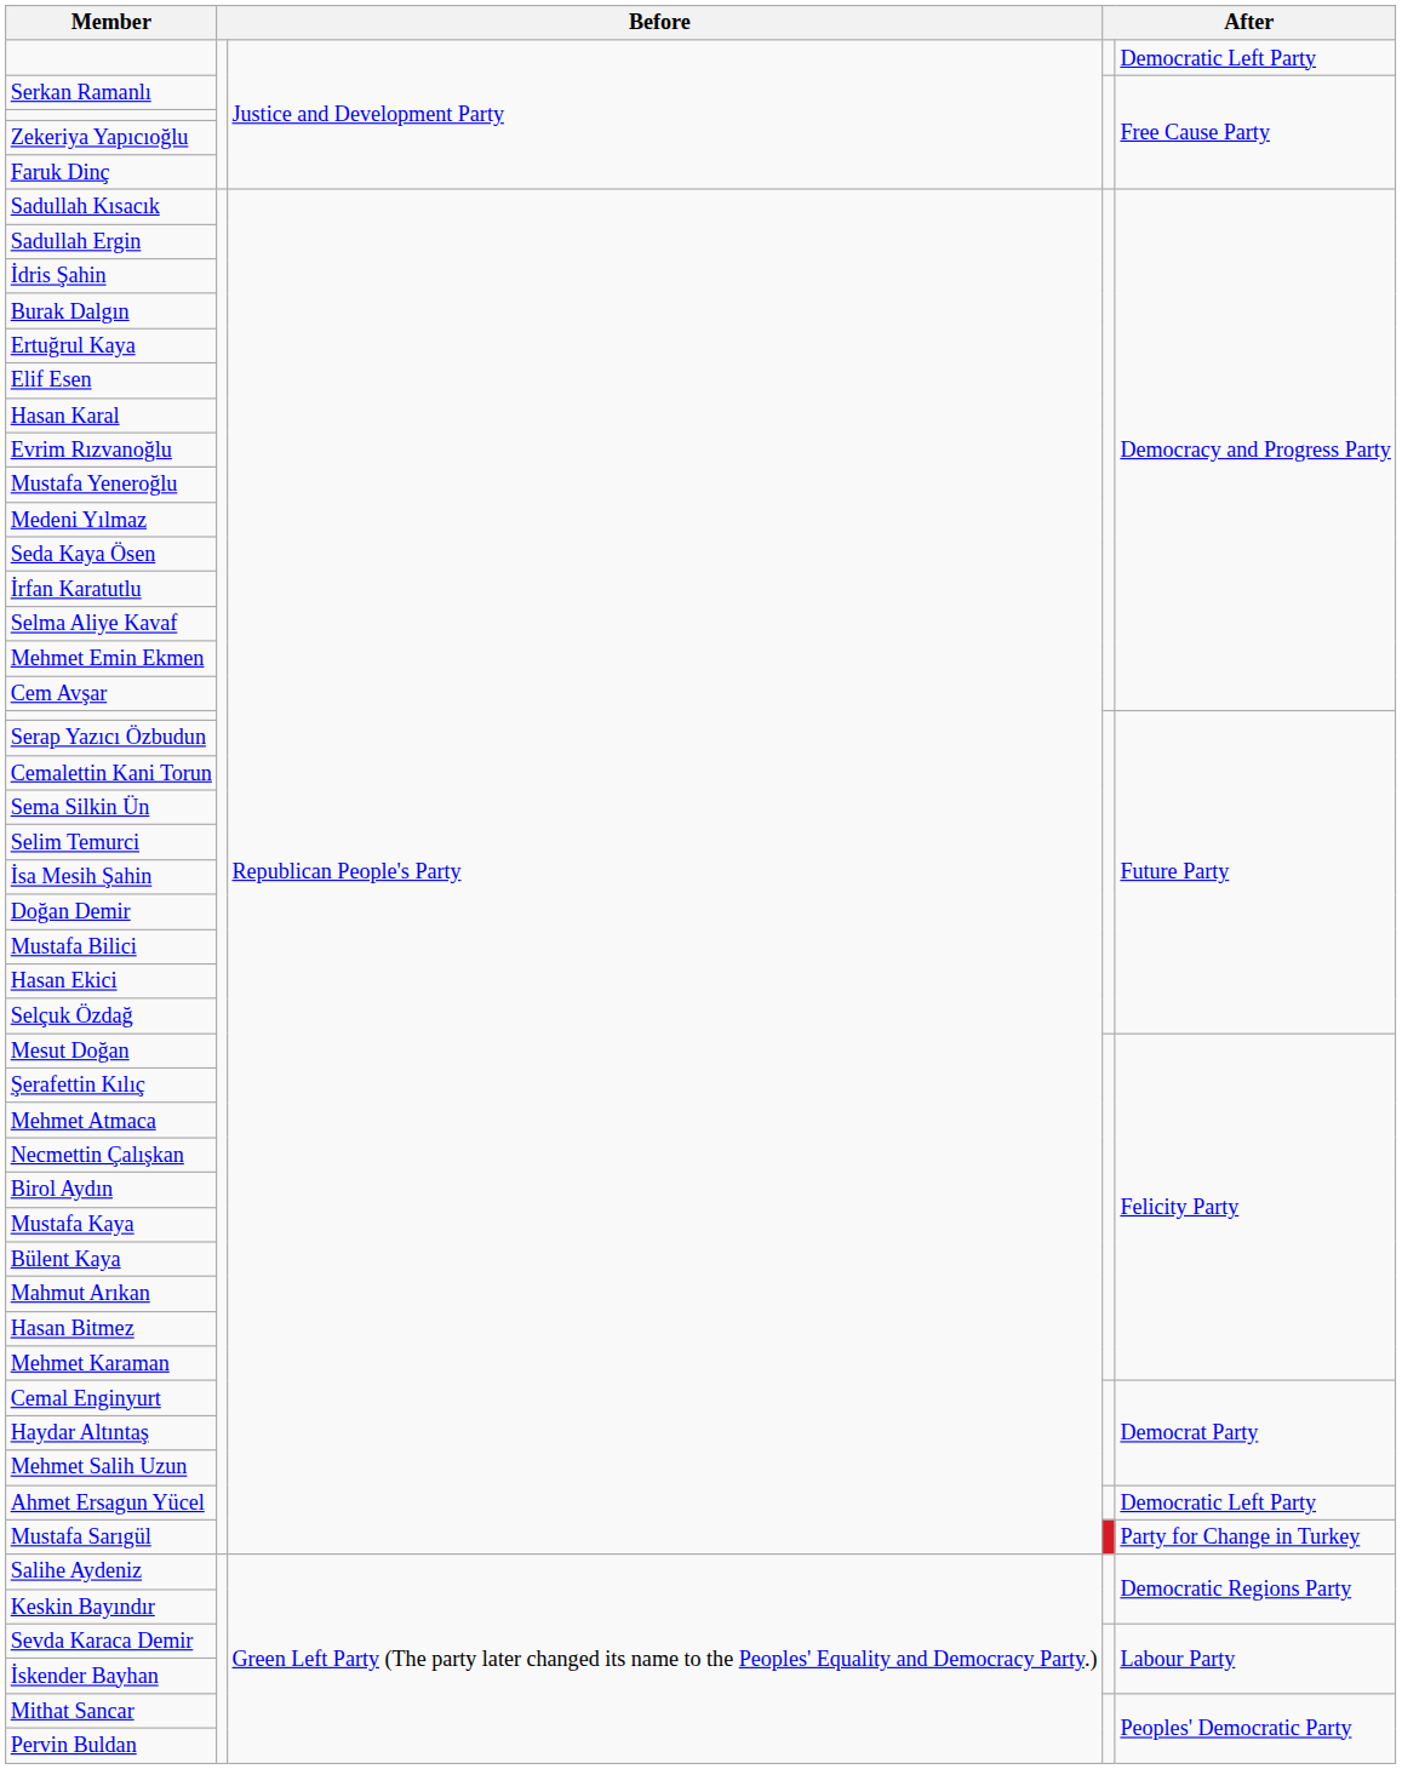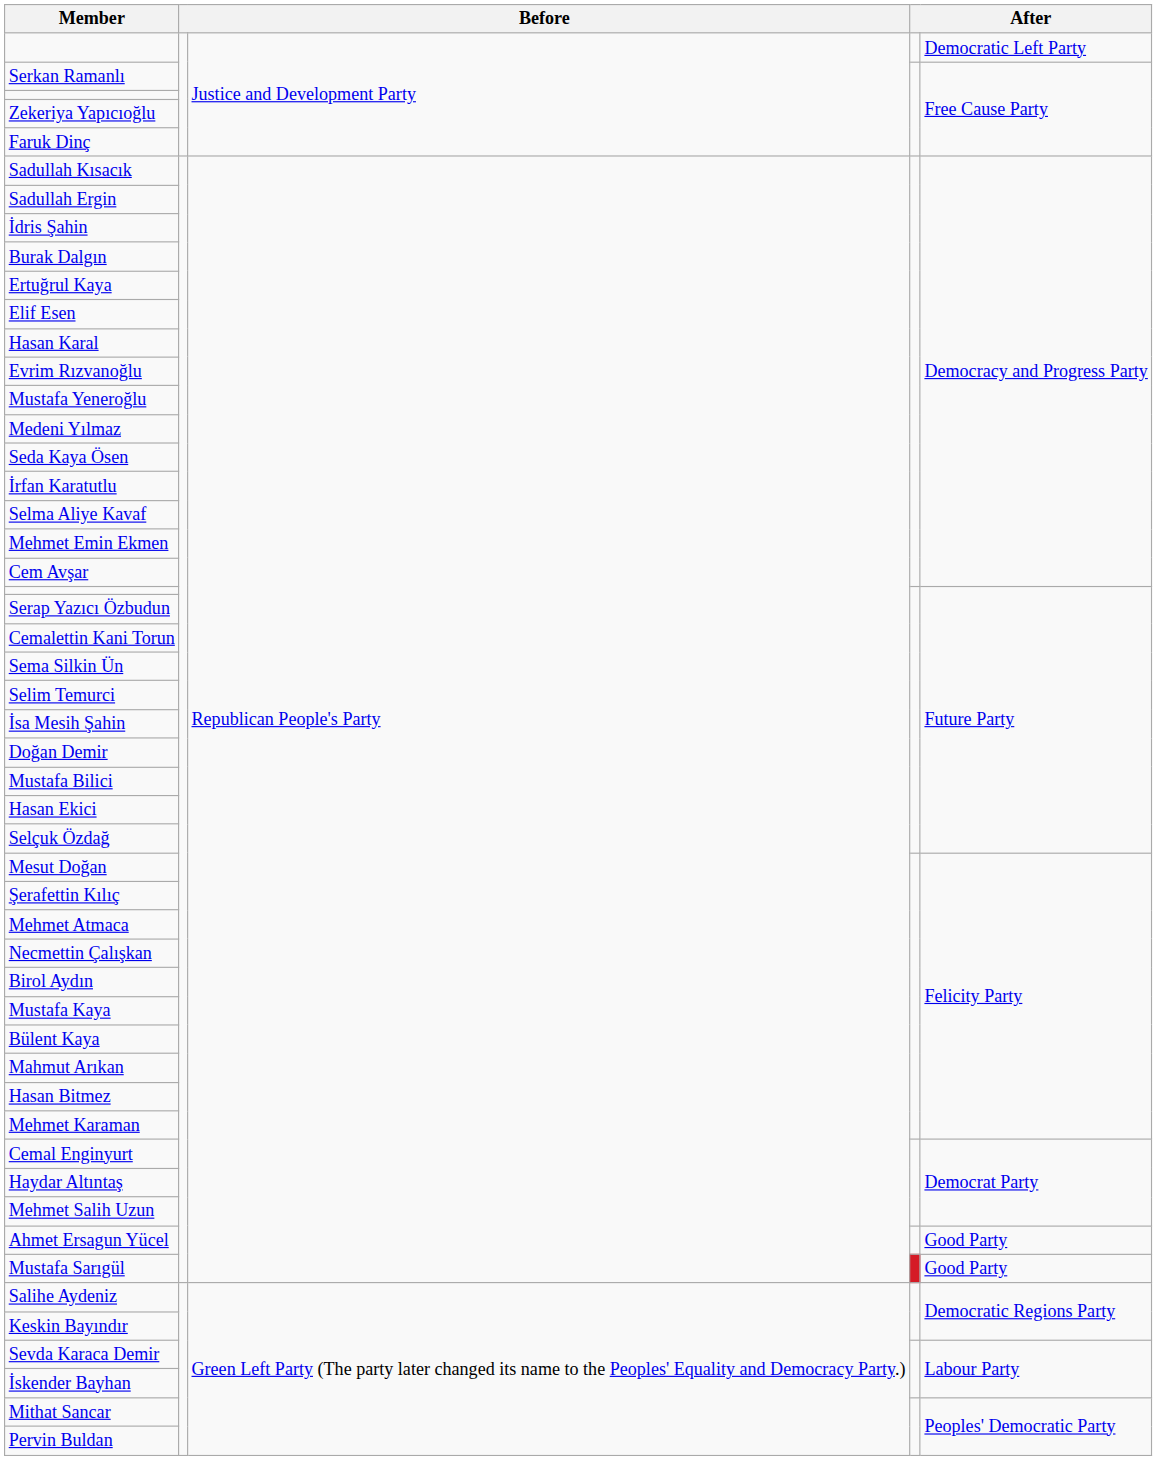 <table class="wikitable sortable">
 <tr>
 <th>Member</th>
 <th colspan="2">Before</th>
 <th colspan="2">After</th>
 </tr>
 <tr>
 <td></td>
 <td rowspan="5" style="background:"></td>
 <td rowspan="5"><a href='#'>Justice and Development Party</a></td>
 <td style="background:"></td>
 <td><a href='#'>Democratic Left Party</a></td>
 </tr>
 <tr>
 <td><a href='#'>Serkan Ramanlı</a></td>
 <td rowspan="4" style="background:"></td>
 <td rowspan="4"><a href='#'>Free Cause Party</a></td>
 </tr>
 <tr>
 <td></td>
 </tr>
 <tr>
 <td><a href='#'>Zekeriya Yapıcıoğlu</a></td>
 </tr>
 <tr>
 <td><a href='#'>Faruk Dinç</a></td>
 </tr>
 <tr>
 <td><a href='#'>Sadullah Kısacık</a></td>
 <td rowspan="40" style="background:"></td>
 <td rowspan="40"><a href='#'>Republican People's Party</a></td>
 <td rowspan="15" style="background:"></td>
 <td rowspan="15"><a href='#'>Democracy and Progress Party</a></td>
 </tr>
 <tr>
 <td><a href='#'>Sadullah Ergin</a></td>
 </tr>
 <tr>
 <td><a href='#'>İdris Şahin</a></td>
 </tr>
 <tr>
 <td><a href='#'>Burak Dalgın</a></td>
 </tr>
 <tr>
 <td><a href='#'>Ertuğrul Kaya</a></td>
 </tr>
 <tr>
 <td><a href='#'>Elif Esen</a></td>
 </tr>
 <tr>
 <td><a href='#'>Hasan Karal</a></td>
 </tr>
 <tr>
 <td><a href='#'>Evrim Rızvanoğlu</a></td>
 </tr>
 <tr>
 <td><a href='#'>Mustafa Yeneroğlu</a></td>
 </tr>
 <tr>
 <td><a href='#'>Medeni Yılmaz</a></td>
 </tr>
 <tr>
 <td><a href='#'>Seda Kaya Ösen</a></td>
 </tr>
 <tr>
 <td><a href='#'>İrfan Karatutlu</a></td>
 </tr>
 <tr>
 <td><a href='#'>Selma Aliye Kavaf</a></td>
 </tr>
 <tr>
 <td><a href='#'>Mehmet Emin Ekmen</a></td>
 </tr>
 <tr>
 <td><a href='#'>Cem Avşar</a></td>
 </tr>
 <tr>
 <td></td>
 <td rowspan="10" style="background:"></td>
 <td rowspan="10"><a href='#'>Future Party</a></td>
 </tr>
 <tr>
 <td><a href='#'>Serap Yazıcı Özbudun</a></td>
 </tr>
 <tr>
 <td><a href='#'>Cemalettin Kani Torun</a></td>
 </tr>
 <tr>
 <td><a href='#'>Sema Silkin Ün</a></td>
 </tr>
 <tr>
 <td><a href='#'>Selim Temurci</a></td>
 </tr>
 <tr>
 <td><a href='#'>İsa Mesih Şahin</a></td>
 </tr>
 <tr>
 <td><a href='#'>Doğan Demir</a></td>
 </tr>
 <tr>
 <td><a href='#'>Mustafa Bilici</a></td>
 </tr>
 <tr>
 <td><a href='#'>Hasan Ekici</a></td>
 </tr>
 <tr>
 <td><a href='#'>Selçuk Özdağ</a></td>
 </tr>
 <tr>
 <td><a href='#'>Mesut Doğan</a></td>
 <td rowspan="10" style="background:"></td>
 <td rowspan="10"><a href='#'>Felicity Party</a></td>
 </tr>
 <tr>
 <td><a href='#'>Şerafettin Kılıç</a></td>
 </tr>
 <tr>
 <td><a href='#'>Mehmet Atmaca</a></td>
 </tr>
 <tr>
 <td><a href='#'>Necmettin Çalışkan</a></td>
 </tr>
 <tr>
 <td><a href='#'>Birol Aydın</a></td>
 </tr>
 <tr>
 <td><a href='#'>Mustafa Kaya</a></td>
 </tr>
 <tr>
 <td><a href='#'>Bülent Kaya</a></td>
 </tr>
 <tr>
 <td><a href='#'>Mahmut Arıkan</a></td>
 </tr>
 <tr>
 <td><a href='#'>Hasan Bitmez</a></td>
 </tr>
 <tr>
 <td><a href='#'>Mehmet Karaman</a></td>
 </tr>
 <tr>
 <td><a href='#'>Cemal Enginyurt</a></td>
 <td rowspan="3" style="background:"></td>
 <td rowspan="3"><a href='#'>Democrat Party</a></td>
 </tr>
 <tr>
 <td><a href='#'>Haydar Altıntaş</a></td>
 </tr>
 <tr>
 <td><a href='#'>Mehmet Salih Uzun</a></td>
 </tr>
 <tr>
 <td><a href='#'>Ahmet Ersagun Yücel</a></td>
 <td style="background:"></td>
-<td><a href='#'>Democratic Left Party</a></td>
+<td><a href='#'>Good Party</a></td>
 </tr>
 <tr>
 <td><a href='#'>Mustafa Sarıgül</a></td>
 <td style="background:#D51B26; width:2px;"></td>
-<td><a href='#'>Party for Change in Turkey</a></td>
+<td><a href='#'>Good Party</a></td>
 </tr>
 <tr>
 <td><a href='#'>Salihe Aydeniz</a></td>
 <td rowspan="6" style="background:"></td>
 <td rowspan="6"><a href='#'>Green Left Party</a> (The party later changed its name to the <a href='#'>Peoples' Equality and Democracy Party</a>.)</td>
 <td rowspan="2" style="background:"></td>
 <td rowspan="2"><a href='#'>Democratic Regions Party</a></td>
 </tr>
 <tr>
 <td><a href='#'>Keskin Bayındır</a></td>
 </tr>
 <tr>
 <td><a href='#'>Sevda Karaca Demir</a></td>
 <td rowspan="2" style="background:"></td>
 <td rowspan="2"><a href='#'>Labour Party</a></td>
 </tr>
 <tr>
 <td><a href='#'>İskender Bayhan</a></td>
 </tr>
 <tr>
 <td><a href='#'>Mithat Sancar</a></td>
 <td rowspan="2" style="background:"></td>
 <td rowspan="2"><a href='#'>Peoples' Democratic Party</a></td>
 </tr>
 <tr>
 <td><a href='#'>Pervin Buldan</a></td>
 </tr>
 </table>
